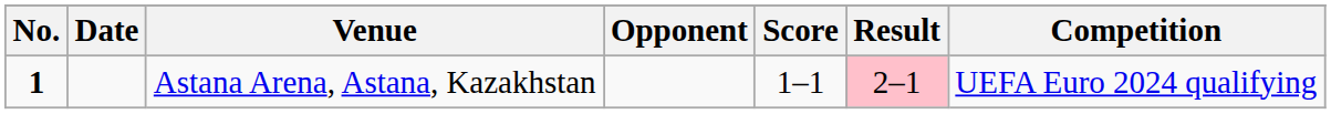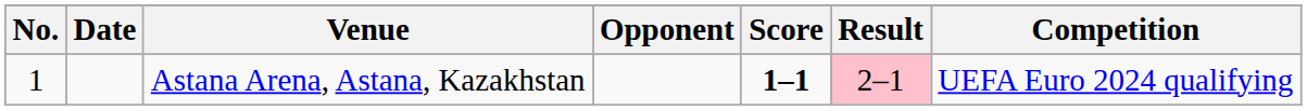 <table class="wikitable">
 <tr>
 </tr>
 <tr>
 <th scope="col">No.</th>
 <th scope="col">Date</th>
 <th scope="col">Venue</th>
 <th scope="col">Opponent</th>
 <th scope="col">Score</th>
 <th scope="col">Result</th>
 <th scope="col">Competition</th>
 </tr>
 <tr>
-<td style="text-align:center"><strong>1</strong></td>
+<td style="text-align:center">1</td>
 <td></td>
 <td><a href='#'>Astana Arena</a>, <a href='#'>Astana</a>, Kazakhstan</td>
 <td></td>
-<td style="text-align:center">1–1</td>
+<td style="text-align:center"><strong>1–1</strong></td>
 <td style="background: pink; text-align:center">2–1</td>
 <td><a href='#'>UEFA Euro 2024 qualifying</a></td>
 </tr>
 </table>
